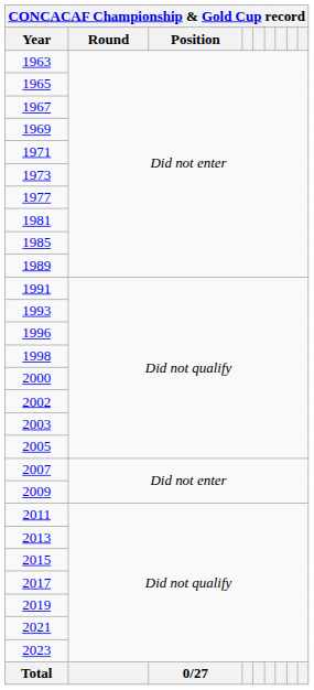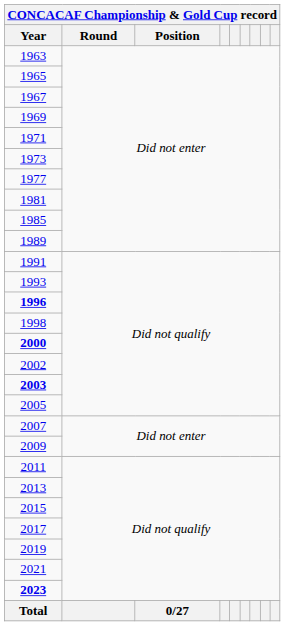 <table class="wikitable" style="text-align: center;">
 <tr>
 <th colspan=9><a href='#'>CONCACAF Championship</a> & <a href='#'>Gold Cup</a> record</th>
 </tr>
 <tr>
 <th>Year</th>
 <th>Round</th>
 <th>Position</th>
 <th></th>
 <th></th>
 <th></th>
 <th></th>
 <th></th>
 <th></th>
 </tr>
 <tr>
 <td> <a href='#'>1963</a></td>
 <td colspan=8 rowspan=10><em>Did not enter</em></td>
 </tr>
 <tr>
 <td> <a href='#'>1965</a></td>
 </tr>
 <tr>
 <td> <a href='#'>1967</a></td>
 </tr>
 <tr>
 <td> <a href='#'>1969</a></td>
 </tr>
 <tr>
 <td> <a href='#'>1971</a></td>
 </tr>
 <tr>
 <td> <a href='#'>1973</a></td>
 </tr>
 <tr>
 <td> <a href='#'>1977</a></td>
 </tr>
 <tr>
 <td> <a href='#'>1981</a></td>
 </tr>
 <tr>
 <td><a href='#'>1985</a></td>
 </tr>
 <tr>
 <td><a href='#'>1989</a></td>
 </tr>
 <tr>
 <td> <a href='#'>1991</a></td>
 <td colspan=8 rowspan=8><em>Did not qualify</em></td>
 </tr>
 <tr>
 <td>  <a href='#'>1993</a></td>
 </tr>
 <tr>
-<td> <a href='#'>1996</a></td>
+<td><strong> <a href='#'>1996</a></strong></td>
 </tr>
 <tr>
 <td> <a href='#'>1998</a></td>
 </tr>
 <tr>
-<td> <a href='#'>2000</a></td>
+<td><strong> <a href='#'>2000</a></strong></td>
 </tr>
 <tr>
 <td> <a href='#'>2002</a></td>
 </tr>
 <tr>
-<td>  <a href='#'>2003</a></td>
+<td><strong>  <a href='#'>2003</a></strong></td>
 </tr>
 <tr>
 <td> <a href='#'>2005</a></td>
 </tr>
 <tr>
 <td> <a href='#'>2007</a></td>
 <td colspan=8 rowspan=2><em>Did not enter</em></td>
 </tr>
 <tr>
 <td> <a href='#'>2009</a></td>
 </tr>
 <tr>
 <td> <a href='#'>2011</a></td>
 <td colspan=8 rowspan=7><em>Did not qualify</em></td>
 </tr>
 <tr>
 <td> <a href='#'>2013</a></td>
 </tr>
 <tr>
 <td>  <a href='#'>2015</a></td>
 </tr>
 <tr>
 <td> <a href='#'>2017</a></td>
 </tr>
 <tr>
 <td>   <a href='#'>2019</a></td>
 </tr>
 <tr>
 <td> <a href='#'>2021</a></td>
 </tr>
 <tr>
-<td>  <a href='#'>2023</a></td>
+<td><strong>  <a href='#'>2023</a></strong></td>
 </tr>
 <tr>
 <th>Total</th>
 <th></th>
 <th>0/27</th>
 <th></th>
 <th></th>
 <th></th>
 <th></th>
 <th></th>
 <th></th>
 </tr>
 </table>
